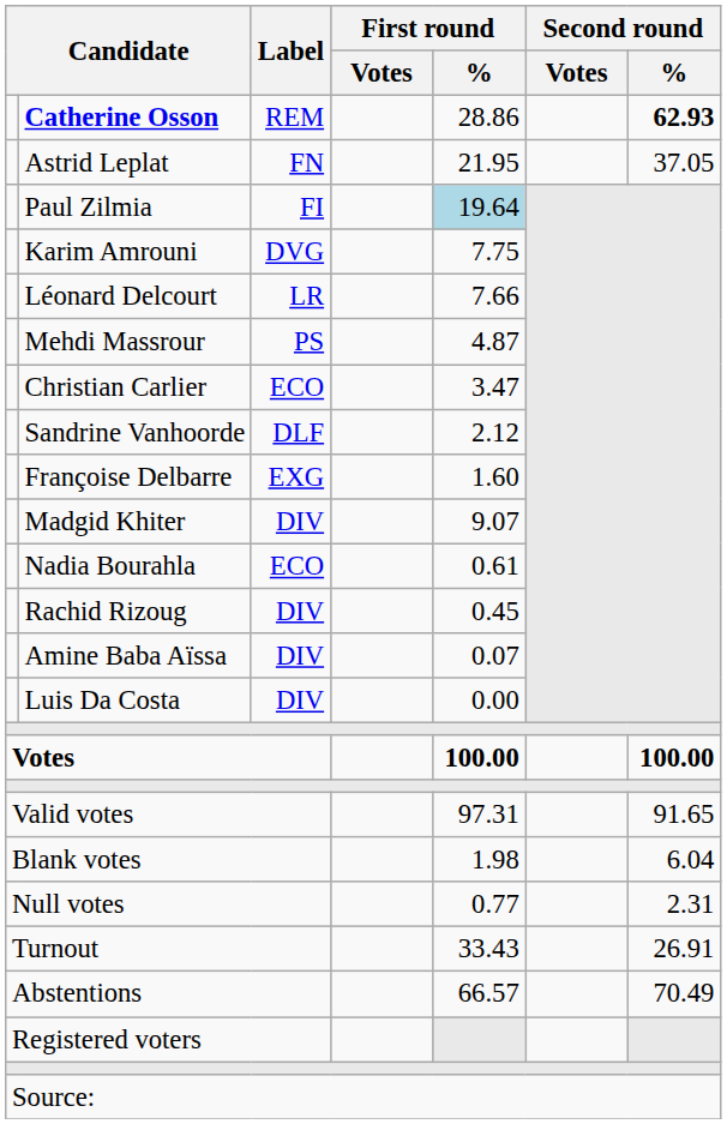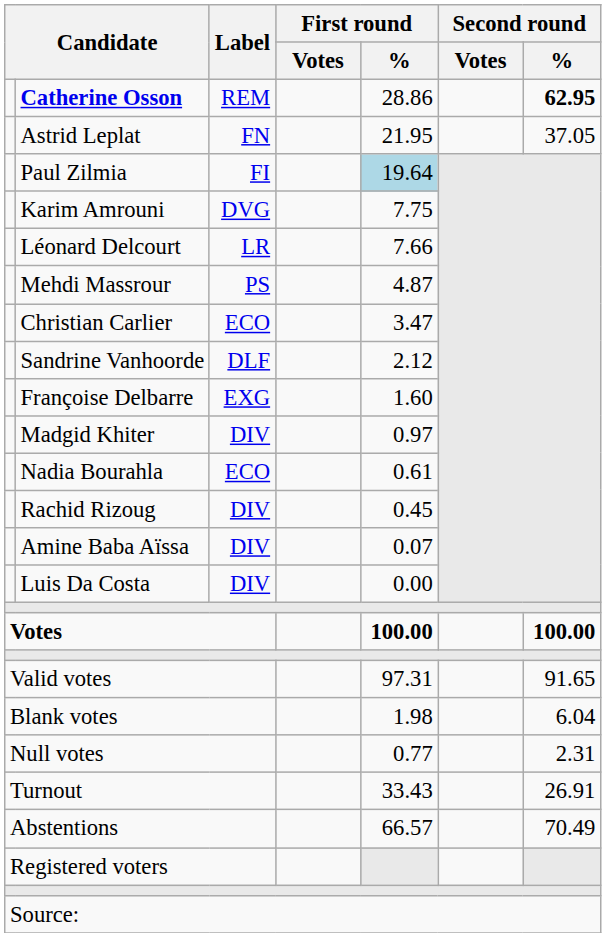 <table class="wikitable" style="text-align:right;font-size:95%;">
 <tr>
 <th rowspan="2" colspan="2">Candidate</th>
 <th rowspan="2">Label</th>
 <th colspan="2">First round</th>
 <th colspan="2">Second round</th>
 </tr>
 <tr>
 <th style="width:50px;">Votes</th>
 <th style="width:45px;">%</th>
 <th style="width:50px;">Votes</th>
 <th style="width:45px;">%</th>
 </tr>
 <tr>
 <td style="color:inherit;background:"></td>
 <td style="text-align:left;"><strong><a href='#'>Catherine Osson</a></strong></td>
 <td><a href='#'>REM</a></td>
 <td></td>
 <td>28.86</td>
 <td><strong></strong></td>
-<td><strong>62.93</strong></td>
+<td><strong>62.95</strong></td>
 </tr>
 <tr>
 <td style="color:inherit;background:"></td>
 <td style="text-align:left;">Astrid Leplat</td>
 <td><a href='#'>FN</a></td>
 <td></td>
 <td>21.95</td>
 <td></td>
 <td>37.05</td>
 </tr>
 <tr>
 <td style="color:inherit;background:"></td>
 <td style="text-align:left;">Paul Zilmia</td>
 <td><a href='#'>FI</a></td>
 <td></td>
 <td style="background: lightblue;">19.64</td>
 <td colspan="2" rowspan="12" style="background:#E9E9E9;"></td>
 </tr>
 <tr>
 <td style="color:inherit;background:"></td>
 <td style="text-align:left;">Karim Amrouni</td>
 <td><a href='#'>DVG</a></td>
 <td></td>
 <td>7.75</td>
 </tr>
 <tr>
 <td style="color:inherit;background:"></td>
 <td style="text-align:left;">Léonard Delcourt</td>
 <td><a href='#'>LR</a></td>
 <td></td>
 <td>7.66</td>
 </tr>
 <tr>
 <td style="color:inherit;background:"></td>
 <td style="text-align:left;">Mehdi Massrour</td>
 <td><a href='#'>PS</a></td>
 <td></td>
 <td>4.87</td>
 </tr>
 <tr>
 <td style="color:inherit;background:"></td>
 <td style="text-align:left;">Christian Carlier</td>
 <td><a href='#'>ECO</a></td>
 <td></td>
 <td>3.47</td>
 </tr>
 <tr>
 <td style="color:inherit;background:"></td>
 <td style="text-align:left;">Sandrine Vanhoorde</td>
 <td><a href='#'>DLF</a></td>
 <td></td>
 <td>2.12</td>
 </tr>
 <tr>
 <td style="color:inherit;background:"></td>
 <td style="text-align:left;">Françoise Delbarre</td>
 <td><a href='#'>EXG</a></td>
 <td></td>
 <td>1.60</td>
 </tr>
 <tr>
 <td style="color:inherit;background:"></td>
 <td style="text-align:left;">Madgid Khiter</td>
 <td><a href='#'>DIV</a></td>
 <td></td>
-<td>9.07</td>
+<td>0.97</td>
 </tr>
 <tr>
 <td style="color:inherit;background:"></td>
 <td style="text-align:left;">Nadia Bourahla</td>
 <td><a href='#'>ECO</a></td>
 <td></td>
 <td>0.61</td>
 </tr>
 <tr>
 <td style="color:inherit;background:"></td>
 <td style="text-align:left;">Rachid Rizoug</td>
 <td><a href='#'>DIV</a></td>
 <td></td>
 <td>0.45</td>
 </tr>
 <tr>
 <td style="color:inherit;background:"></td>
 <td style="text-align:left;">Amine Baba Aïssa</td>
 <td><a href='#'>DIV</a></td>
 <td></td>
 <td>0.07</td>
 </tr>
 <tr>
 <td style="color:inherit;background:"></td>
 <td style="text-align:left;">Luis Da Costa</td>
 <td><a href='#'>DIV</a></td>
 <td></td>
 <td>0.00</td>
 </tr>
 <tr>
 <td colspan="7" style="background:#E9E9E9;"></td>
 </tr>
 <tr style="font-weight:bold;">
 <td colspan="3" style="text-align:left;">Votes</td>
 <td></td>
 <td>100.00</td>
 <td></td>
 <td>100.00</td>
 </tr>
 <tr>
 <td colspan="7" style="background:#E9E9E9;"></td>
 </tr>
 <tr>
 <td colspan="3" style="text-align:left;">Valid votes</td>
 <td></td>
 <td>97.31</td>
 <td></td>
 <td>91.65</td>
 </tr>
 <tr>
 <td colspan="3" style="text-align:left;">Blank votes</td>
 <td></td>
 <td>1.98</td>
 <td></td>
 <td>6.04</td>
 </tr>
 <tr>
 <td colspan="3" style="text-align:left;">Null votes</td>
 <td></td>
 <td>0.77</td>
 <td></td>
 <td>2.31</td>
 </tr>
 <tr>
 <td colspan="3" style="text-align:left;">Turnout</td>
 <td></td>
 <td>33.43</td>
 <td></td>
 <td>26.91</td>
 </tr>
 <tr>
 <td colspan="3" style="text-align:left;">Abstentions</td>
 <td></td>
 <td>66.57</td>
 <td></td>
 <td>70.49</td>
 </tr>
 <tr>
 <td colspan="3" style="text-align:left;">Registered voters</td>
 <td></td>
 <td style="background:#E9E9E9;"></td>
 <td></td>
 <td style="background:#E9E9E9;"></td>
 </tr>
 <tr>
 <td colspan="7" style="background:#E9E9E9;"></td>
 </tr>
 <tr>
 <td colspan="7" style="text-align:left;">Source: </td>
 </tr>
 </table>
